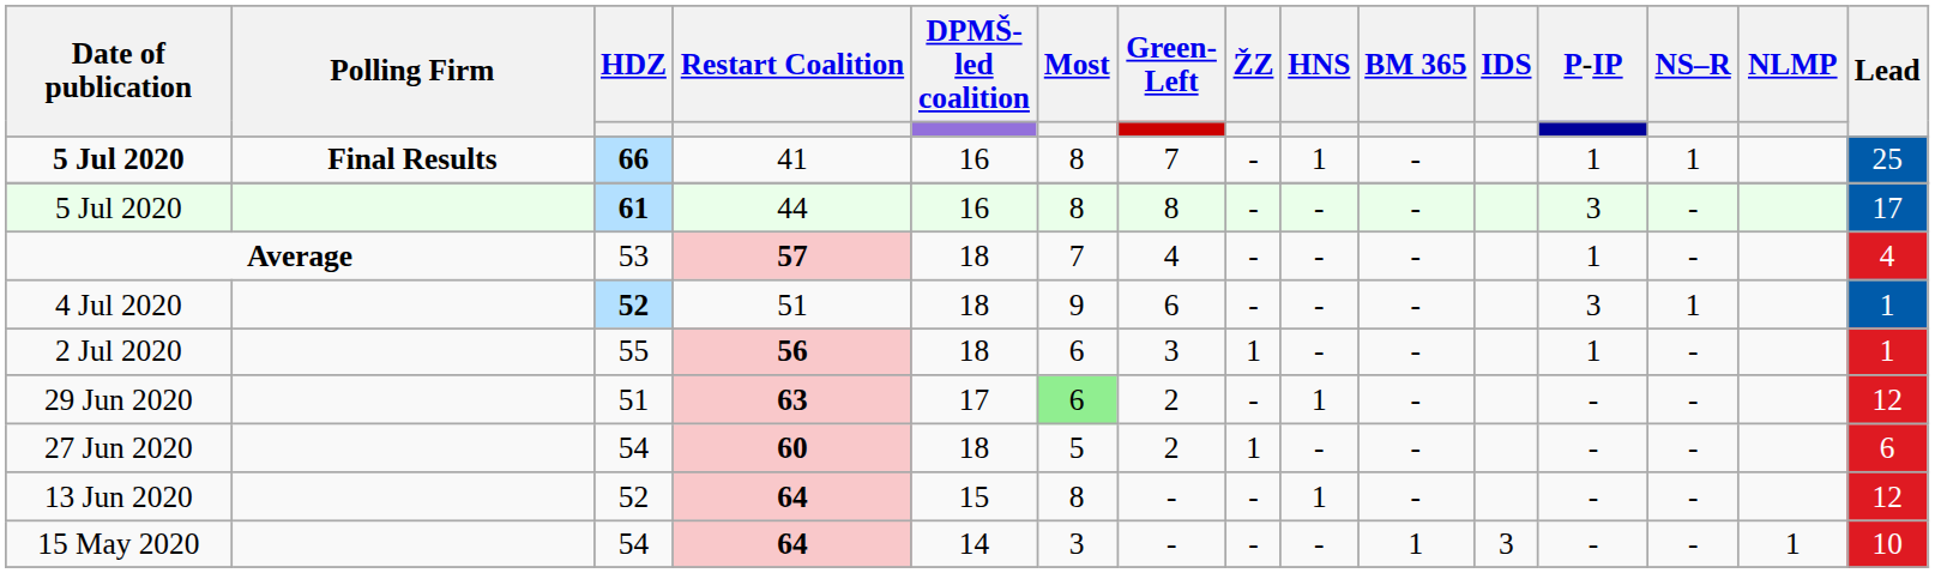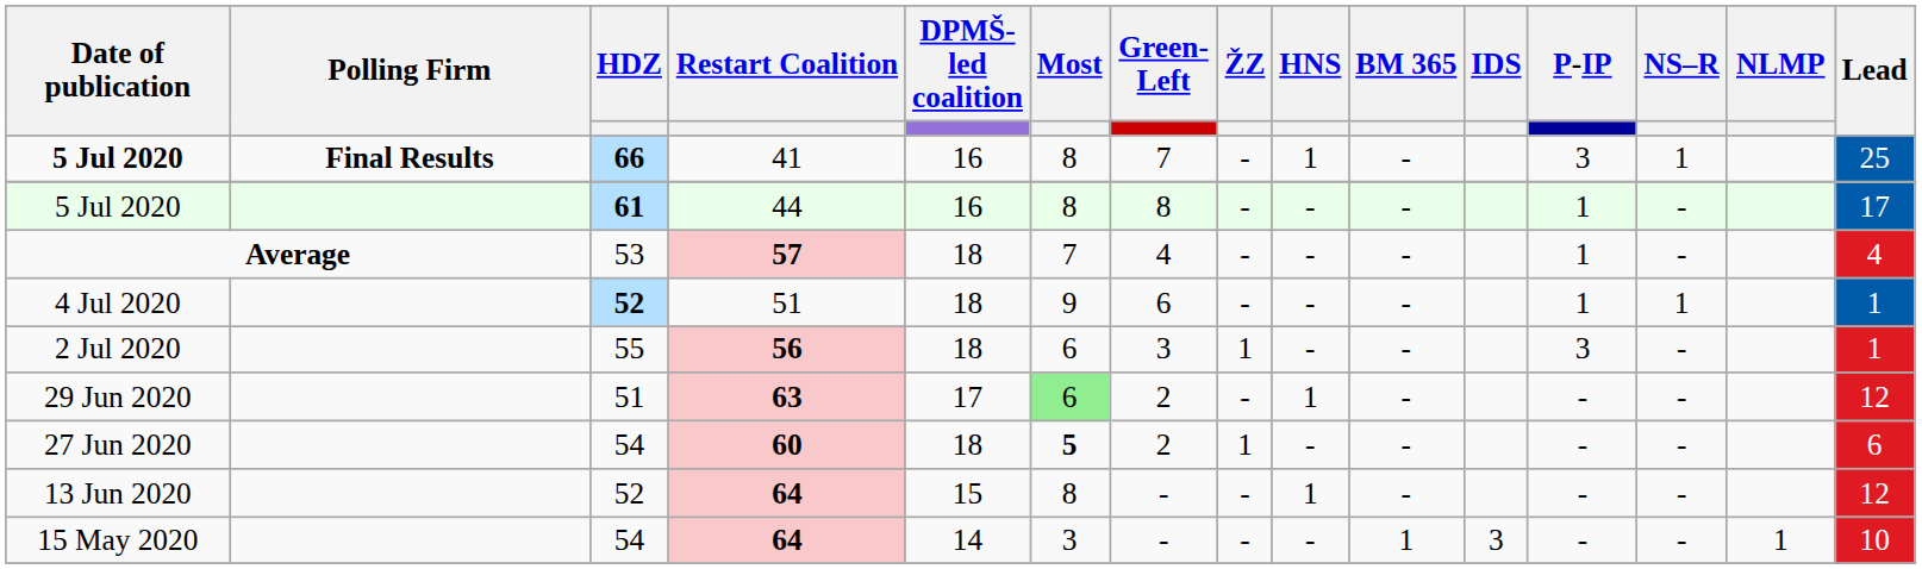 <table class="wikitable sortable" style="text-align:center; font-size:90%; line-height:16px;">
 <tr style="height:42px;">
 <th style="width:100px;" rowspan="2">Date of publication</th>
 <th style="width:165px;" rowspan="2">Polling Firm</th>
 <th class="unsortable"><a href='#'>HDZ</a></th>
 <th class="unsortable"><a href='#'>Restart Coalition</a></th>
 <th class="unsortable"><a href='#'>DPMŠ-led coalition</a></th>
 <th class="unsortable"><a href='#'>Most</a></th>
 <th class="unsortable"><a href='#'>Green-Left</a></th>
 <th class="unsortable"><a href='#'>ŽZ</a></th>
 <th class="unsortable"><a href='#'>HNS</a></th>
 <th class="unsortable"><a href='#'>BM 365</a></th>
 <th class="unsortable"><a href='#'>IDS</a></th>
 <th class="unsortable"><a href='#'>P</a>-<a href='#'>IP</a></th>
 <th class="unsortable"><a href='#'>NS–R</a></th>
 <th class="unsortable"><a href='#'>NLMP</a></th>
 <th class="unsortable" style="width:20px;" rowspan="2">Lead</th>
 </tr>
 <tr>
 <th class="unsortable" style="color:inherit;background:"></th>
 <th class="unsortable" style="color:inherit;background:"></th>
 <th class="unsortable" style="color:inherit;background:#9370db; width:45px;"></th>
 <th class="unsortable" style="color:inherit;background:"></th>
 <th class="unsortable" style="background:#cc0000" width="45px"></th>
 <th class="unsortable" style="color:inherit;background:"></th>
 <th class="unsortable" style="color:inherit;background:"></th>
 <th class="unsortable" style="color:inherit;background:"></th>
 <th class="unsortable" style="background:"></th>
 <th class="unsortable" style="color:inherit;background:#00009a; width:45px;"></th>
 <th class="unsortable" style="color:inherit;background:"></th>
 <th class="unsortable" style="background:" width="45px"></th>
 </tr>
 <tr>
 <td><strong>5 Jul 2020</strong></td>
 <td><strong>Final Results</strong></td>
 <td style="background:#B3E0FF"><strong>66</strong></td>
 <td>41</td>
 <td>16</td>
 <td>8</td>
 <td>7</td>
 <td>-</td>
 <td>1</td>
 <td>-</td>
 <td></td>
-<td>1</td>
+<td>3</td>
 <td>1</td>
 <td></td>
 <td style="background:#005BAA; color:white;">25</td>
 </tr>
 <tr>
 </tr>
 <tr style="background:#EAFFEA"|>
 <td>5 Jul 2020</td>
 <td></td>
 <td style="background:#B3E0FF"><strong>61</strong></td>
 <td>44</td>
 <td>16</td>
 <td>8</td>
 <td>8</td>
 <td>-</td>
 <td>-</td>
 <td>-</td>
 <td></td>
-<td>3</td>
+<td>1</td>
 <td>-</td>
 <td></td>
 <td style="background:#005BAA; color:white;">17</td>
 </tr>
 <tr>
 <td colspan="2"><strong>Average</strong></td>
 <td>53</td>
 <td style="background:#F9C8CA"><strong>57</strong></td>
 <td>18</td>
 <td>7</td>
 <td>4</td>
 <td>-</td>
 <td>-</td>
 <td>-</td>
 <td></td>
 <td>1</td>
 <td>-</td>
 <td></td>
 <td style="background:#DF1A22; color:white;">4</td>
 </tr>
 <tr>
 <td>4 Jul 2020</td>
 <td></td>
 <td style="background:#B3E0FF"><strong>52</strong></td>
 <td>51</td>
 <td>18</td>
 <td>9</td>
 <td>6</td>
 <td>-</td>
 <td>-</td>
 <td>-</td>
 <td></td>
-<td>3</td>
+<td>1</td>
 <td>1</td>
 <td></td>
 <td style="background:#005BAA; color:white;">1</td>
 </tr>
 <tr>
 <td>2 Jul 2020</td>
 <td></td>
 <td>55</td>
 <td style="background:#F9C8CA"><strong>56</strong></td>
 <td>18</td>
 <td>6</td>
 <td>3</td>
 <td>1</td>
 <td>-</td>
 <td>-</td>
 <td></td>
-<td>1</td>
+<td>3</td>
 <td>-</td>
 <td></td>
 <td style="background:#DF1A22; color:white;">1</td>
 </tr>
 <tr>
 <td>29 Jun 2020</td>
 <td></td>
 <td>51</td>
 <td style="background:#F9C8CA"><strong>63</strong></td>
 <td>17</td>
 <td style="background: lightgreen;">6</td>
 <td>2</td>
 <td>-</td>
 <td>1</td>
 <td>-</td>
 <td></td>
 <td>-</td>
 <td>-</td>
 <td></td>
 <td style="background:#DF1A22; color:white;">12</td>
 </tr>
 <tr>
 <td>27 Jun 2020</td>
 <td></td>
 <td>54</td>
 <td style="background:#F9C8CA"><strong>60</strong></td>
 <td>18</td>
-<td>5</td>
+<td><strong>5</strong></td>
 <td>2</td>
 <td>1</td>
 <td>-</td>
 <td>-</td>
 <td></td>
 <td>-</td>
 <td>-</td>
 <td></td>
 <td style="background:#DF1A22; color:white;">6</td>
 </tr>
 <tr>
 <td>13 Jun 2020</td>
 <td></td>
 <td>52</td>
 <td style="background:#F9C8CA"><strong>64</strong></td>
 <td>15</td>
 <td>8</td>
 <td>-</td>
 <td>-</td>
 <td>1</td>
 <td>-</td>
 <td></td>
 <td>-</td>
 <td>-</td>
 <td></td>
 <td style="background:#DF1A22; color:white;">12</td>
 </tr>
 <tr>
 <td>15 May 2020</td>
 <td></td>
 <td>54</td>
 <td style="background:#F9C8CA"><strong>64</strong></td>
 <td>14</td>
 <td>3</td>
 <td>-</td>
 <td>-</td>
 <td>-</td>
 <td>1</td>
 <td>3</td>
 <td>-</td>
 <td>-</td>
 <td>1</td>
 <td style="background:#DF1A22; color:white;">10</td>
 </tr>
 </table>
